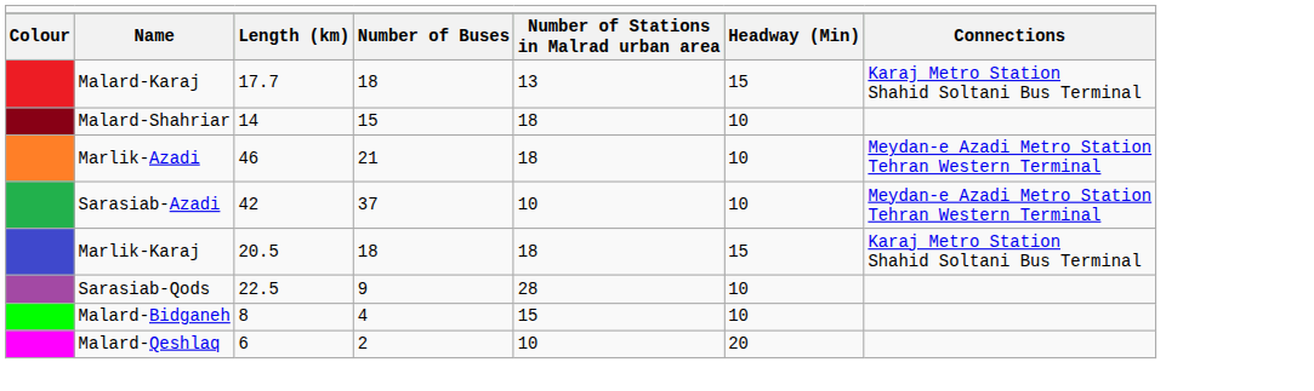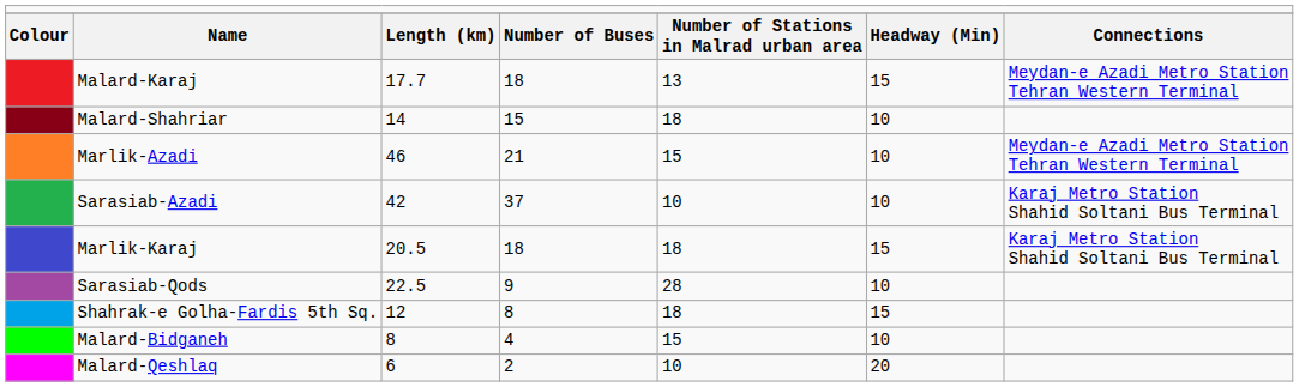 <table class="wikitable sortable">
 <tr>
 <td colspan="7"></td>
 </tr>
 <tr>
 </tr>
 <tr bgcolor=#ACE1AF>
 <th>Colour</th>
 <th>Name</th>
 <th>Length (km)</th>
 <th>Number of Buses</th>
 <th>Number of Stations<br>in Malrad urban area</th>
 <th>Headway (Min)</th>
 <th>Connections</th>
 </tr>
 <tr>
 <td text-align="center" bgcolor="#ED1C24"></td>
 <td>Malard-Karaj</td>
 <td>17.7</td>
 <td>18</td>
 <td>13</td>
 <td>15</td>
-<td> <a href='#'>Karaj Metro Station</a><br>Shahid Soltani Bus Terminal<br> </td>
+<td> <a href='#'>Meydan-e Azadi Metro Station</a><br> <a href='#'>Tehran Western Terminal</a><br>    </td>
 </tr>
 <tr>
 <td text-align="center" bgcolor="#880015"></td>
 <td>Malard-Shahriar</td>
 <td>14</td>
 <td>15</td>
 <td>18</td>
 <td>10</td>
 <td><br></td>
 </tr>
 <tr>
 <td text-align="center" bgcolor="#FF7F27"></td>
 <td>Marlik-<a href='#'>Azadi</a></td>
 <td>46</td>
 <td>21</td>
-<td>18</td>
+<td>15</td>
 <td>10</td>
 <td> <a href='#'>Meydan-e Azadi Metro Station</a><br> <a href='#'>Tehran Western Terminal</a><br>    </td>
 </tr>
 <tr>
 <td text-align="center" bgcolor="#22B14C"></td>
 <td>Sarasiab-<a href='#'>Azadi</a></td>
 <td>42</td>
 <td>37</td>
 <td>10</td>
 <td>10</td>
-<td> <a href='#'>Meydan-e Azadi Metro Station</a><br> <a href='#'>Tehran Western Terminal</a><br>    </td>
+<td> <a href='#'>Karaj Metro Station</a><br>Shahid Soltani Bus Terminal<br> </td>
 </tr>
 <tr>
 <td text-align="center" bgcolor="#3F48CC"></td>
 <td>Marlik-Karaj</td>
 <td>20.5</td>
 <td>18</td>
 <td>18</td>
 <td>15</td>
 <td> <a href='#'>Karaj Metro Station</a><br>Shahid Soltani Bus Terminal<br> </td>
 </tr>
 <tr>
 <td text-align="center" bgcolor="#A349A4"></td>
 <td>Sarasiab-Qods</td>
 <td>22.5</td>
 <td>9</td>
 <td>28</td>
 <td>10</td>
 <td><br></td>
 </tr>
 <tr>
+<td text-align="center" bgcolor="#00A2E8"></td>
+<td>Shahrak-e Golha-<a href='#'>Fardis</a> 5th Sq.</td>
+<td>12</td>
+<td>8</td>
+<td>18</td>
+<td>15</td>
+<td></td>
+</tr>
+<tr>
 <td text-align="center" bgcolor="#01FF00"></td>
 <td>Malard-<a href='#'>Bidganeh</a></td>
 <td>8</td>
 <td>4</td>
 <td>15</td>
 <td>10</td>
 <td></td>
 </tr>
 <tr>
 <td text-align="center" bgcolor="#FF00FF"></td>
 <td>Malard-<a href='#'>Qeshlaq</a></td>
 <td>6</td>
 <td>2</td>
 <td>10</td>
 <td>20</td>
 <td></td>
 </tr>
 </table>
